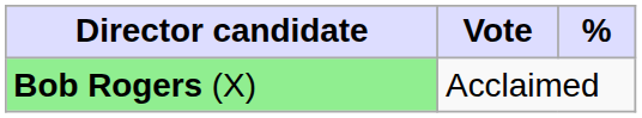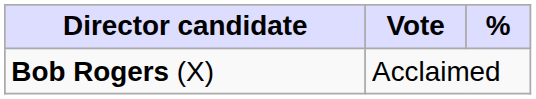 <table class="wikitable">
 <tr>
 <th style="background:#ddf;" width="200px">Director candidate</th>
 <th style="background:#ddf;" width="50px">Vote</th>
 <th style="background:#ddf;" width="30px">%</th>
 </tr>
 <tr>
-<td style="background: lightgreen;"><strong>Bob Rogers</strong> (X)</td>
+<td><strong>Bob Rogers</strong> (X)</td>
 <td colspan="2">Acclaimed</td>
 </tr>
 </table>
